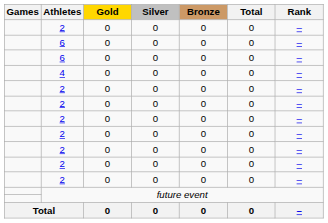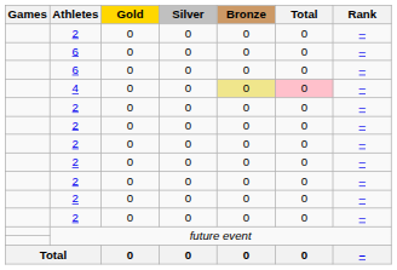 <table class="wikitable" style="text-align:center; font-size:90%;">
 <tr>
 <th>Games</th>
 <th>Athletes</th>
 <td style="background:gold; width:4.5em; font-weight:bold;">Gold</td>
 <td style="background:silver; width:4.5em; font-weight:bold;">Silver</td>
 <td style="background:#cc9966; width:4.5em; font-weight:bold;">Bronze</td>
 <th style="width:4.5em; font-weight:bold;">Total</th>
 <th style="width:4.5em; font-weight:bold;">Rank</th>
 </tr>
 <tr>
 <td align=left></td>
 <td><a href='#'>2</a></td>
 <td>0</td>
 <td>0</td>
 <td>0</td>
 <td>0</td>
 <td><a href='#'>–</a></td>
 </tr>
 <tr>
 <td align=left></td>
 <td><a href='#'>6</a></td>
 <td>0</td>
 <td>0</td>
 <td>0</td>
 <td>0</td>
 <td><a href='#'>–</a></td>
 </tr>
 <tr>
 <td align=left></td>
 <td><a href='#'>6</a></td>
 <td>0</td>
 <td>0</td>
 <td>0</td>
 <td>0</td>
 <td><a href='#'>–</a></td>
 </tr>
 <tr>
 <td align=left></td>
 <td><a href='#'>4</a></td>
 <td>0</td>
 <td>0</td>
-<td>0</td>
-<td>0</td>
+<td style="background: khaki;">0</td>
+<td style="background: pink;">0</td>
 <td><a href='#'>–</a></td>
 </tr>
 <tr>
 <td align=left></td>
 <td><a href='#'>2</a></td>
 <td>0</td>
 <td>0</td>
 <td>0</td>
 <td>0</td>
 <td><a href='#'>–</a></td>
 </tr>
 <tr>
 <td align=left></td>
 <td><a href='#'>2</a></td>
 <td>0</td>
 <td>0</td>
 <td>0</td>
 <td>0</td>
 <td><a href='#'>–</a></td>
 </tr>
 <tr>
 <td align=left></td>
 <td><a href='#'>2</a></td>
 <td>0</td>
 <td>0</td>
 <td>0</td>
 <td>0</td>
 <td><a href='#'>–</a></td>
 </tr>
 <tr>
 <td align=left></td>
 <td><a href='#'>2</a></td>
 <td>0</td>
 <td>0</td>
 <td>0</td>
 <td>0</td>
 <td><a href='#'>–</a></td>
 </tr>
 <tr>
 <td align=left></td>
 <td><a href='#'>2</a></td>
 <td>0</td>
 <td>0</td>
 <td>0</td>
 <td>0</td>
 <td><a href='#'>–</a></td>
 </tr>
 <tr>
 <td align=left></td>
 <td><a href='#'>2</a></td>
 <td>0</td>
 <td>0</td>
 <td>0</td>
 <td>0</td>
 <td><a href='#'>–</a></td>
 </tr>
 <tr>
 <td align=left></td>
 <td><a href='#'>2</a></td>
 <td>0</td>
 <td>0</td>
 <td>0</td>
 <td>0</td>
 <td><a href='#'>–</a></td>
 </tr>
 <tr>
 <td align=left></td>
 <td colspan=9; rowspan=2><em>future event</em></td>
 </tr>
 <tr>
 <td align=left></td>
 </tr>
 <tr>
 <th colspan=2>Total</th>
 <th>0</th>
 <th>0</th>
 <th>0</th>
 <th>0</th>
 <th><a href='#'>–</a></th>
 </tr>
 </table>
